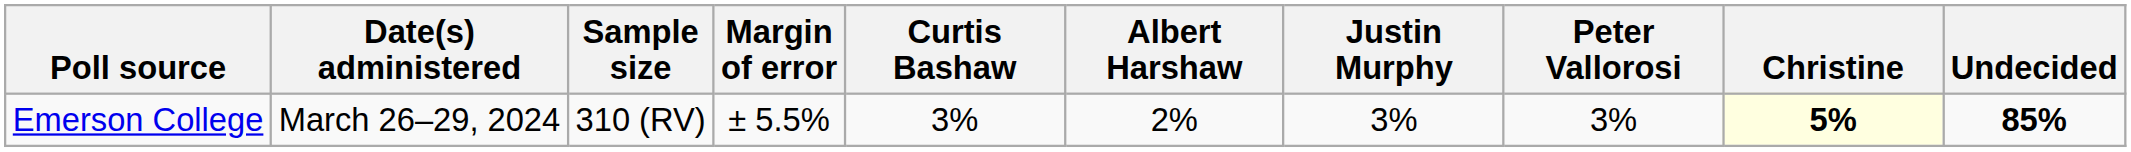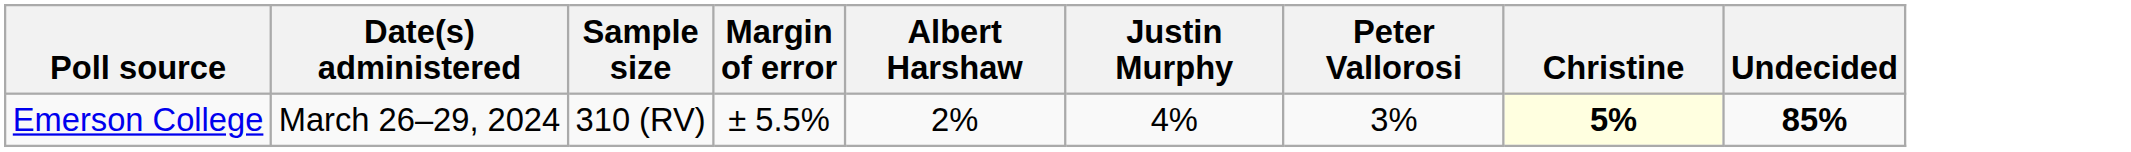 <table class="wikitable" style="font-size:90%;text-align:center;">
 <tr valign=bottom>
 <th>Poll source</th>
 <th>Date(s)<br>administered</th>
 <th>Sample<br>size</th>
 <th>Margin<br>of error</th>
-<th style="width:90px;">Curtis<br>Bashaw</th>
 <th style="width:90px;">Albert<br>Harshaw</th>
 <th style="width:90px;">Justin<br>Murphy</th>
 <th style="width:90px;">Peter<br>Vallorosi</th>
 <th style="width:90px;">Christine<br></th>
 <th>Undecided</th>
 </tr>
 <tr>
 <td style="text-align:left"><a href='#'>Emerson College</a></td>
 <td>March 26–29, 2024</td>
 <td>310 (RV)</td>
 <td>± 5.5%</td>
-<td>3%</td>
 <td>2%</td>
-<td>3%</td>
+<td>4%</td>
 <td>3%</td>
 <td style="background: lightyellow;"><strong>5%</strong></td>
 <td><strong>85%</strong></td>
 </tr>
 </table>
